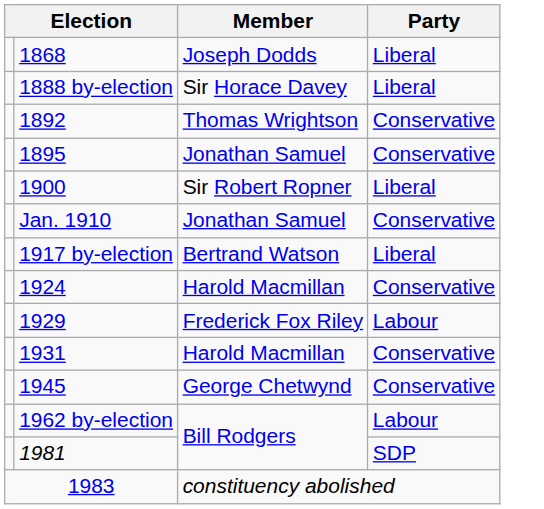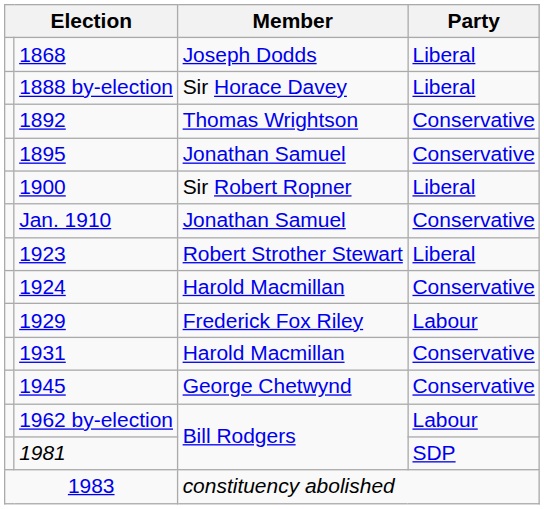 <table class="wikitable">
 <tr>
 <th colspan="2">Election</th>
 <th>Member</th>
 <th>Party</th>
 </tr>
 <tr>
 <td style="color:inherit;background-color: "></td>
 <td><a href='#'>1868</a></td>
 <td><a href='#'>Joseph Dodds</a></td>
 <td><a href='#'>Liberal</a></td>
 </tr>
 <tr>
 <td style="color:inherit;background-color: "></td>
 <td><a href='#'>1888 by-election</a></td>
 <td>Sir <a href='#'>Horace Davey</a></td>
 <td><a href='#'>Liberal</a></td>
 </tr>
 <tr>
 <td style="color:inherit;background-color: "></td>
 <td><a href='#'>1892</a></td>
 <td><a href='#'>Thomas Wrightson</a></td>
 <td><a href='#'>Conservative</a></td>
 </tr>
 <tr>
 <td style="color:inherit;background-color: "></td>
 <td><a href='#'>1895</a></td>
 <td><a href='#'>Jonathan Samuel</a></td>
 <td><a href='#'>Conservative</a></td>
 </tr>
 <tr>
 <td style="color:inherit;background-color: "></td>
 <td><a href='#'>1900</a></td>
 <td>Sir <a href='#'>Robert Ropner</a></td>
 <td><a href='#'>Liberal</a></td>
 </tr>
 <tr>
 <td style="color:inherit;background-color: "></td>
 <td><a href='#'>Jan. 1910</a></td>
 <td><a href='#'>Jonathan Samuel</a></td>
 <td><a href='#'>Conservative</a></td>
 </tr>
 <tr>
 <td style="color:inherit;background-color: "></td>
-<td><a href='#'>1917 by-election</a></td>
-<td><a href='#'>Bertrand Watson</a></td>
+<td><a href='#'>1923</a></td>
+<td><a href='#'>Robert Strother Stewart</a></td>
 <td><a href='#'>Liberal</a></td>
 </tr>
 <tr>
 <td style="color:inherit;background-color: "></td>
 <td><a href='#'>1924</a></td>
 <td><a href='#'>Harold Macmillan</a></td>
 <td><a href='#'>Conservative</a></td>
 </tr>
 <tr>
 <td style="color:inherit;background-color: "></td>
 <td><a href='#'>1929</a></td>
 <td><a href='#'>Frederick Fox Riley</a></td>
 <td><a href='#'>Labour</a></td>
 </tr>
 <tr>
 <td style="color:inherit;background-color: "></td>
 <td><a href='#'>1931</a></td>
 <td><a href='#'>Harold Macmillan</a></td>
 <td><a href='#'>Conservative</a></td>
 </tr>
 <tr>
 <td style="color:inherit;background-color: "></td>
 <td><a href='#'>1945</a></td>
 <td><a href='#'>George Chetwynd</a></td>
 <td><a href='#'>Conservative</a></td>
 </tr>
 <tr>
 <td style="color:inherit;background-color: "></td>
 <td><a href='#'>1962 by-election</a></td>
 <td rowspan="2"><a href='#'>Bill Rodgers</a></td>
 <td><a href='#'>Labour</a></td>
 </tr>
 <tr>
 <td style="color:inherit;background-color: "></td>
 <td><em>1981</em></td>
 <td><a href='#'>SDP</a></td>
 </tr>
 <tr>
 <td colspan="2" align="center"><a href='#'>1983</a></td>
 <td colspan="2"><em>constituency abolished</em></td>
 </tr>
 </table>
